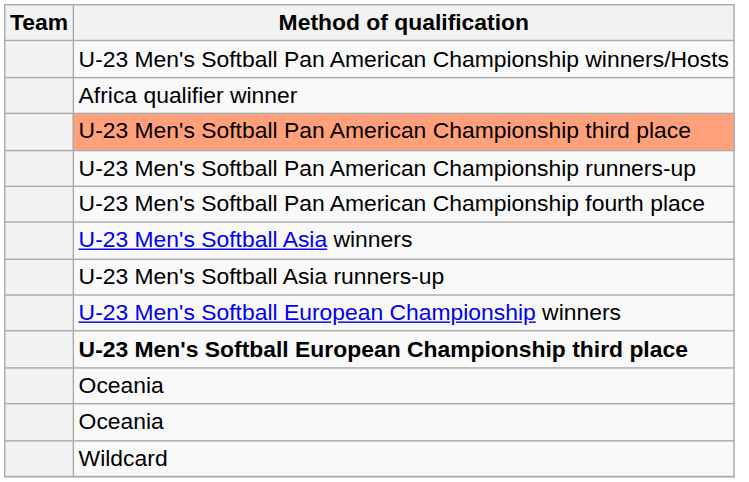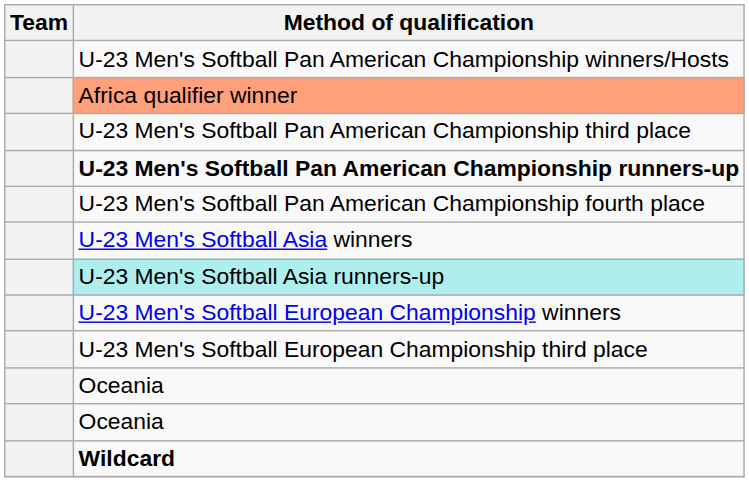 <table class="wikitable sortable plainrowheaders">
 <tr>
 <th scope="col">Team</th>
 <th scope="col">Method of qualification</th>
 </tr>
 <tr>
 <th scope="row"></th>
 <td>U-23 Men's Softball Pan American Championship winners/Hosts</td>
 </tr>
 <tr>
 <th scope="row"></th>
-<td>Africa qualifier winner</td>
+<td style="background: lightsalmon;">Africa qualifier winner</td>
 </tr>
 <tr>
 <th scope="row"></th>
-<td style="background: lightsalmon;">U-23 Men's Softball Pan American Championship third place</td>
+<td>U-23 Men's Softball Pan American Championship third place</td>
 </tr>
 <tr>
 <th scope="row"></th>
-<td>U-23 Men's Softball Pan American Championship runners-up</td>
+<td><strong>U-23 Men's Softball Pan American Championship runners-up</strong></td>
 </tr>
 <tr>
 <th scope="row"></th>
 <td>U-23 Men's Softball Pan American Championship fourth place</td>
 </tr>
 <tr>
 <th scope="row"></th>
 <td><a href='#'>U-23 Men's Softball Asia</a> winners</td>
 </tr>
 <tr>
 <th scope="row"></th>
-<td>U-23 Men's Softball Asia runners-up</td>
+<td style="background: paleturquoise;">U-23 Men's Softball Asia runners-up</td>
 </tr>
 <tr>
 <th scope="row"></th>
 <td><a href='#'>U-23 Men's Softball European Championship</a> winners</td>
 </tr>
 <tr>
 <th scope="row"></th>
-<td><strong>U-23 Men's Softball European Championship third place</strong></td>
+<td>U-23 Men's Softball European Championship third place</td>
 </tr>
 <tr>
 <th scope="row"></th>
 <td>Oceania</td>
 </tr>
 <tr>
 <th scope="row"></th>
 <td>Oceania</td>
 </tr>
 <tr>
 <th scope="row"></th>
-<td>Wildcard<br></td>
+<td><strong>Wildcard<br></strong></td>
 </tr>
 <tr>
 </tr>
 </table>
